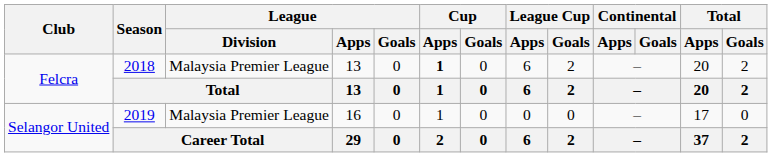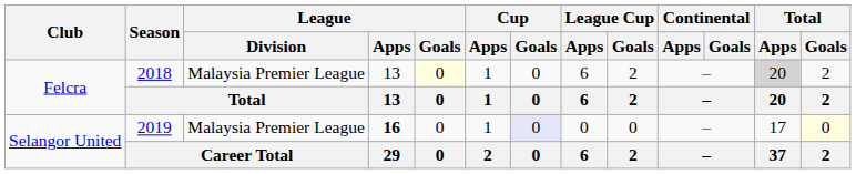 <table class=wikitable style="text-align:center">
 <tr>
 <th rowspan=2>Club</th>
 <th rowspan=2>Season</th>
 <th colspan=3>League</th>
 <th colspan=2>Cup</th>
 <th colspan=2>League Cup</th>
 <th colspan=2>Continental</th>
 <th colspan=2>Total</th>
 </tr>
 <tr>
 <th>Division</th>
 <th>Apps</th>
 <th>Goals</th>
 <th>Apps</th>
 <th>Goals</th>
 <th>Apps</th>
 <th>Goals</th>
 <th>Apps</th>
 <th>Goals</th>
 <th>Apps</th>
 <th>Goals</th>
 </tr>
 <tr>
 <td rowspan=2><a href='#'>Felcra</a></td>
 <td><a href='#'>2018</a></td>
 <td>Malaysia Premier League</td>
 <td>13</td>
-<td>0</td>
-<td><strong>1</strong></td>
+<td style="background: lightyellow;">0</td>
+<td>1</td>
 <td>0</td>
 <td>6</td>
 <td>2</td>
 <td colspan=2>–</td>
-<td>20</td>
+<td style="background: lightgrey;">20</td>
 <td>2</td>
 </tr>
 <tr>
 <th colspan="2">Total</th>
 <th>13</th>
 <th>0</th>
 <th>1</th>
 <th>0</th>
 <th>6</th>
 <th>2</th>
 <th colspan=2>–</th>
 <th>20</th>
 <th>2</th>
 </tr>
 <tr>
 <td rowspan=2><a href='#'>Selangor United</a></td>
 <td><a href='#'>2019</a></td>
 <td>Malaysia Premier League</td>
-<td>16</td>
+<td><strong>16</strong></td>
 <td>0</td>
 <td>1</td>
-<td>0</td>
+<td style="background: lavender;">0</td>
 <td>0</td>
 <td>0</td>
 <td colspan=2>–</td>
 <td>17</td>
-<td>0</td>
+<td style="background: lightyellow;">0</td>
 </tr>
 <tr>
 <th colspan="2">Career Total</th>
 <th>29</th>
 <th>0</th>
 <th>2</th>
 <th>0</th>
 <th>6</th>
 <th>2</th>
 <th colspan=2>–</th>
 <th>37</th>
 <th>2</th>
 </tr>
 </table>
